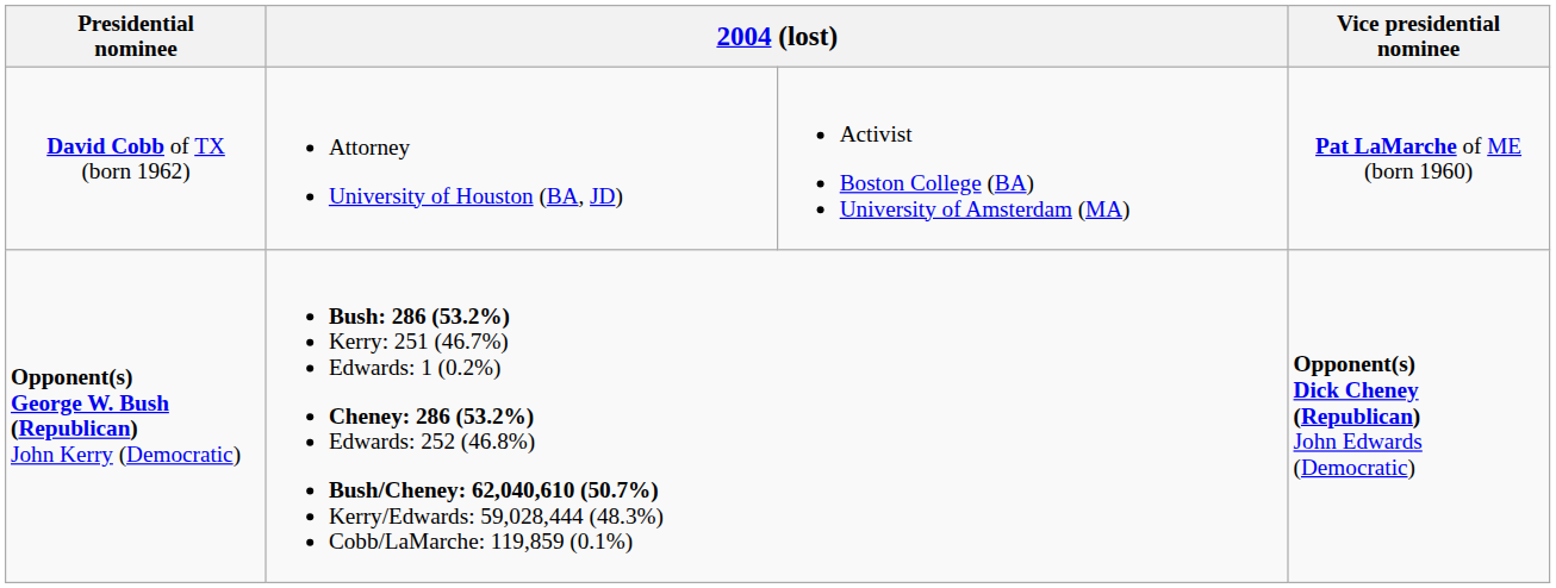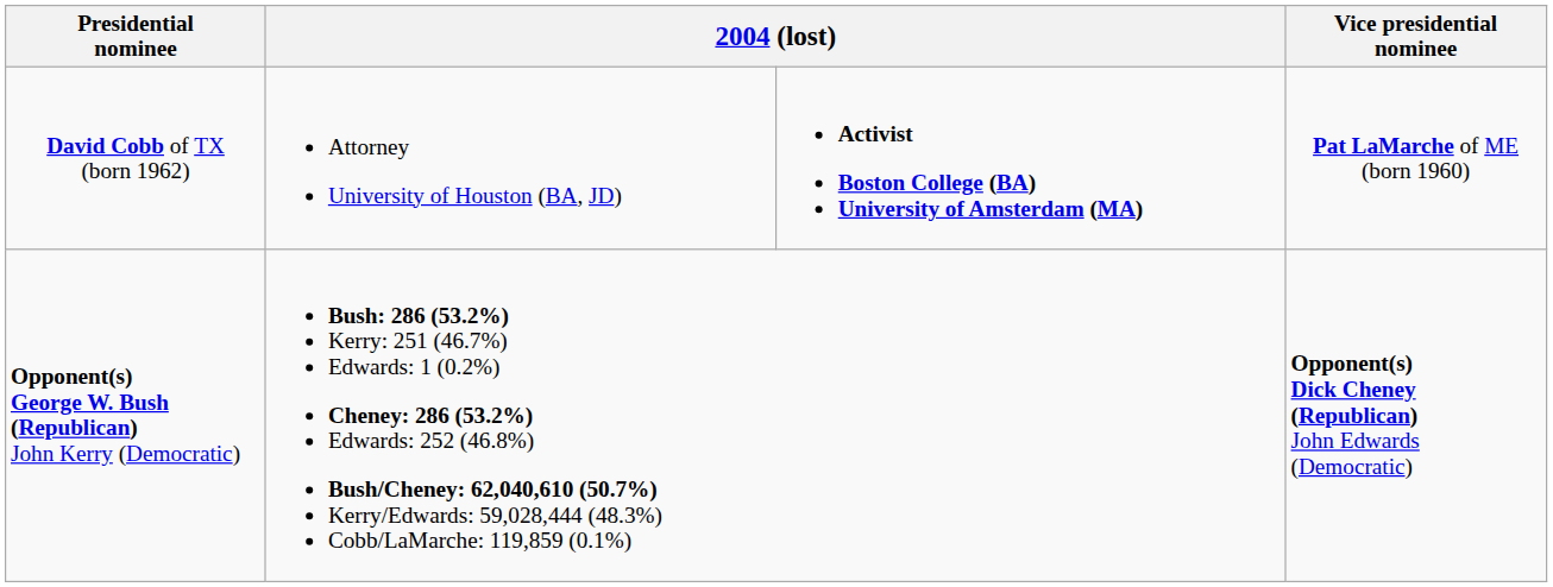 <table class="wikitable">
 <tr>
 <th width=175>Presidential<br>nominee</th>
 <th colspan=2><big><a href='#'>2004</a> (lost)</big></th>
 <th width=175>Vice presidential<br>nominee</th>
 </tr>
 <tr>
 <td style="text-align:center;"><strong><a href='#'>David Cobb</a></strong> of <a href='#'>TX</a><br>(born 1962)<br></td>
 <td width=350><br><ul><li>Attorney</li></ul><ul><li><a href='#'>University of Houston</a> (<a href='#'>BA</a>, <a href='#'>JD</a>)</li></ul></td>
-<td width=350><br><ul><li>Activist</li></ul><ul><li><a href='#'>Boston College</a> (<a href='#'>BA</a>)</li><li><a href='#'>University of Amsterdam</a> (<a href='#'>MA</a>)</li></ul></td>
+<td width=350><strong><br><ul><li>Activist</li></ul><ul><li><a href='#'>Boston College</a> (<a href='#'>BA</a>)</li><li><a href='#'>University of Amsterdam</a> (<a href='#'>MA</a>)</li></ul></strong></td>
 <td style="text-align:center;"><strong><a href='#'>Pat LaMarche</a></strong> of <a href='#'>ME</a><br>(born 1960)<br></td>
 </tr>
 <tr>
 <td><strong>Opponent(s)</strong><br><strong><a href='#'>George W. Bush</a> (<a href='#'>Republican</a>)</strong><br><a href='#'>John Kerry</a> (<a href='#'>Democratic</a>)</td>
 <td colspan=2><br><ul><li><strong>Bush: 286 (53.2%)</strong></li><li>Kerry: 251 (46.7%)</li><li>Edwards: 1 (0.2%)</li></ul><ul><li><strong>Cheney: 286 (53.2%)</strong></li><li>Edwards: 252 (46.8%)</li></ul><ul><li><strong>Bush/Cheney: 62,040,610 (50.7%)</strong></li><li>Kerry/Edwards: 59,028,444 (48.3%)</li><li>Cobb/LaMarche: 119,859 (0.1%)</li></ul></td>
 <td><strong>Opponent(s)</strong><br><strong><a href='#'>Dick Cheney</a> (<a href='#'>Republican</a>)</strong><br><a href='#'>John Edwards</a> (<a href='#'>Democratic</a>)</td>
 </tr>
 </table>
